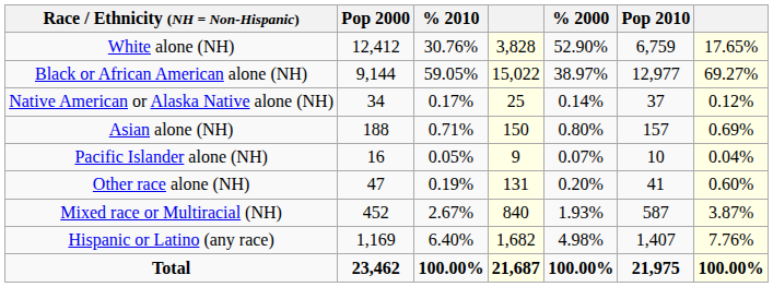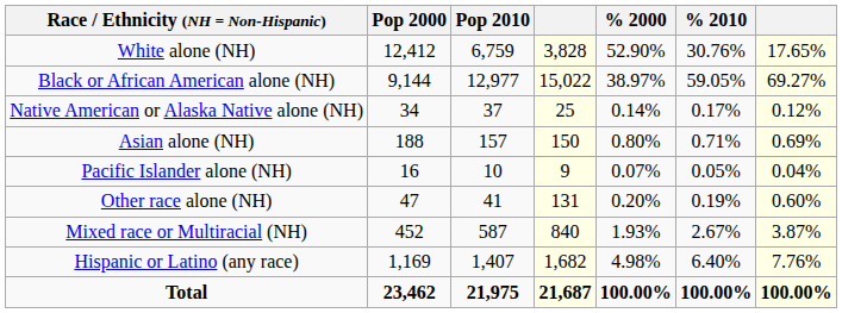 <table class="wikitable" style="text-align:center;">
 <tr>
 <th>Race / Ethnicity <small>(<em>NH = Non-Hispanic</em>)</small></th>
 <th>Pop 2000</th>
-<th>% 2010</th>
+<th>Pop 2010</th>
 <th></th>
 <th>% 2000</th>
-<th>Pop 2010</th>
+<th>% 2010</th>
 <th></th>
 </tr>
 <tr>
 <td><a href='#'>White</a> alone (NH)</td>
 <td>12,412</td>
-<td>30.76%</td>
+<td>6,759</td>
 <td style='background: #ffffe6;'>3,828</td>
 <td>52.90%</td>
-<td>6,759</td>
+<td>30.76%</td>
 <td style='background: #ffffe6;'>17.65%</td>
 </tr>
 <tr>
 <td><a href='#'>Black or African American</a> alone (NH)</td>
 <td>9,144</td>
-<td>59.05%</td>
+<td>12,977</td>
 <td style='background: #ffffe6;'>15,022</td>
 <td>38.97%</td>
-<td>12,977</td>
+<td>59.05%</td>
 <td style='background: #ffffe6;'>69.27%</td>
 </tr>
 <tr>
 <td><a href='#'>Native American</a> or <a href='#'>Alaska Native</a> alone (NH)</td>
 <td>34</td>
-<td>0.17%</td>
+<td>37</td>
 <td style='background: #ffffe6;'>25</td>
 <td>0.14%</td>
-<td>37</td>
+<td>0.17%</td>
 <td style='background: #ffffe6;'>0.12%</td>
 </tr>
 <tr>
 <td><a href='#'>Asian</a> alone (NH)</td>
 <td>188</td>
-<td>0.71%</td>
+<td>157</td>
 <td style='background: #ffffe6;'>150</td>
 <td>0.80%</td>
-<td>157</td>
+<td>0.71%</td>
 <td style='background: #ffffe6;'>0.69%</td>
 </tr>
 <tr>
 <td><a href='#'>Pacific Islander</a> alone (NH)</td>
 <td>16</td>
-<td>0.05%</td>
+<td>10</td>
 <td style='background: #ffffe6;'>9</td>
 <td>0.07%</td>
-<td>10</td>
+<td>0.05%</td>
 <td style='background: #ffffe6;'>0.04%</td>
 </tr>
 <tr>
 <td><a href='#'>Other race</a> alone (NH)</td>
 <td>47</td>
-<td>0.19%</td>
+<td>41</td>
 <td style='background: #ffffe6;'>131</td>
 <td>0.20%</td>
-<td>41</td>
+<td>0.19%</td>
 <td style='background: #ffffe6;'>0.60%</td>
 </tr>
 <tr>
 <td><a href='#'>Mixed race or Multiracial</a> (NH)</td>
 <td>452</td>
-<td>2.67%</td>
+<td>587</td>
 <td style='background: #ffffe6;'>840</td>
 <td>1.93%</td>
-<td>587</td>
+<td>2.67%</td>
 <td style='background: #ffffe6;'>3.87%</td>
 </tr>
 <tr>
 <td><a href='#'>Hispanic or Latino</a> (any race)</td>
 <td>1,169</td>
-<td>6.40%</td>
+<td>1,407</td>
 <td style='background: #ffffe6;'>1,682</td>
 <td>4.98%</td>
-<td>1,407</td>
+<td>6.40%</td>
 <td style='background: #ffffe6;'>7.76%</td>
 </tr>
 <tr>
 <td><strong>Total</strong></td>
 <td><strong>23,462</strong></td>
-<td><strong>100.00%</strong></td>
+<td><strong>21,975</strong></td>
 <td style='background: #ffffe6;'><strong>21,687</strong></td>
 <td><strong>100.00%</strong></td>
-<td><strong>21,975</strong></td>
+<td><strong>100.00%</strong></td>
 <td style='background: #ffffe6;'><strong>100.00%</strong></td>
 </tr>
 </table>
